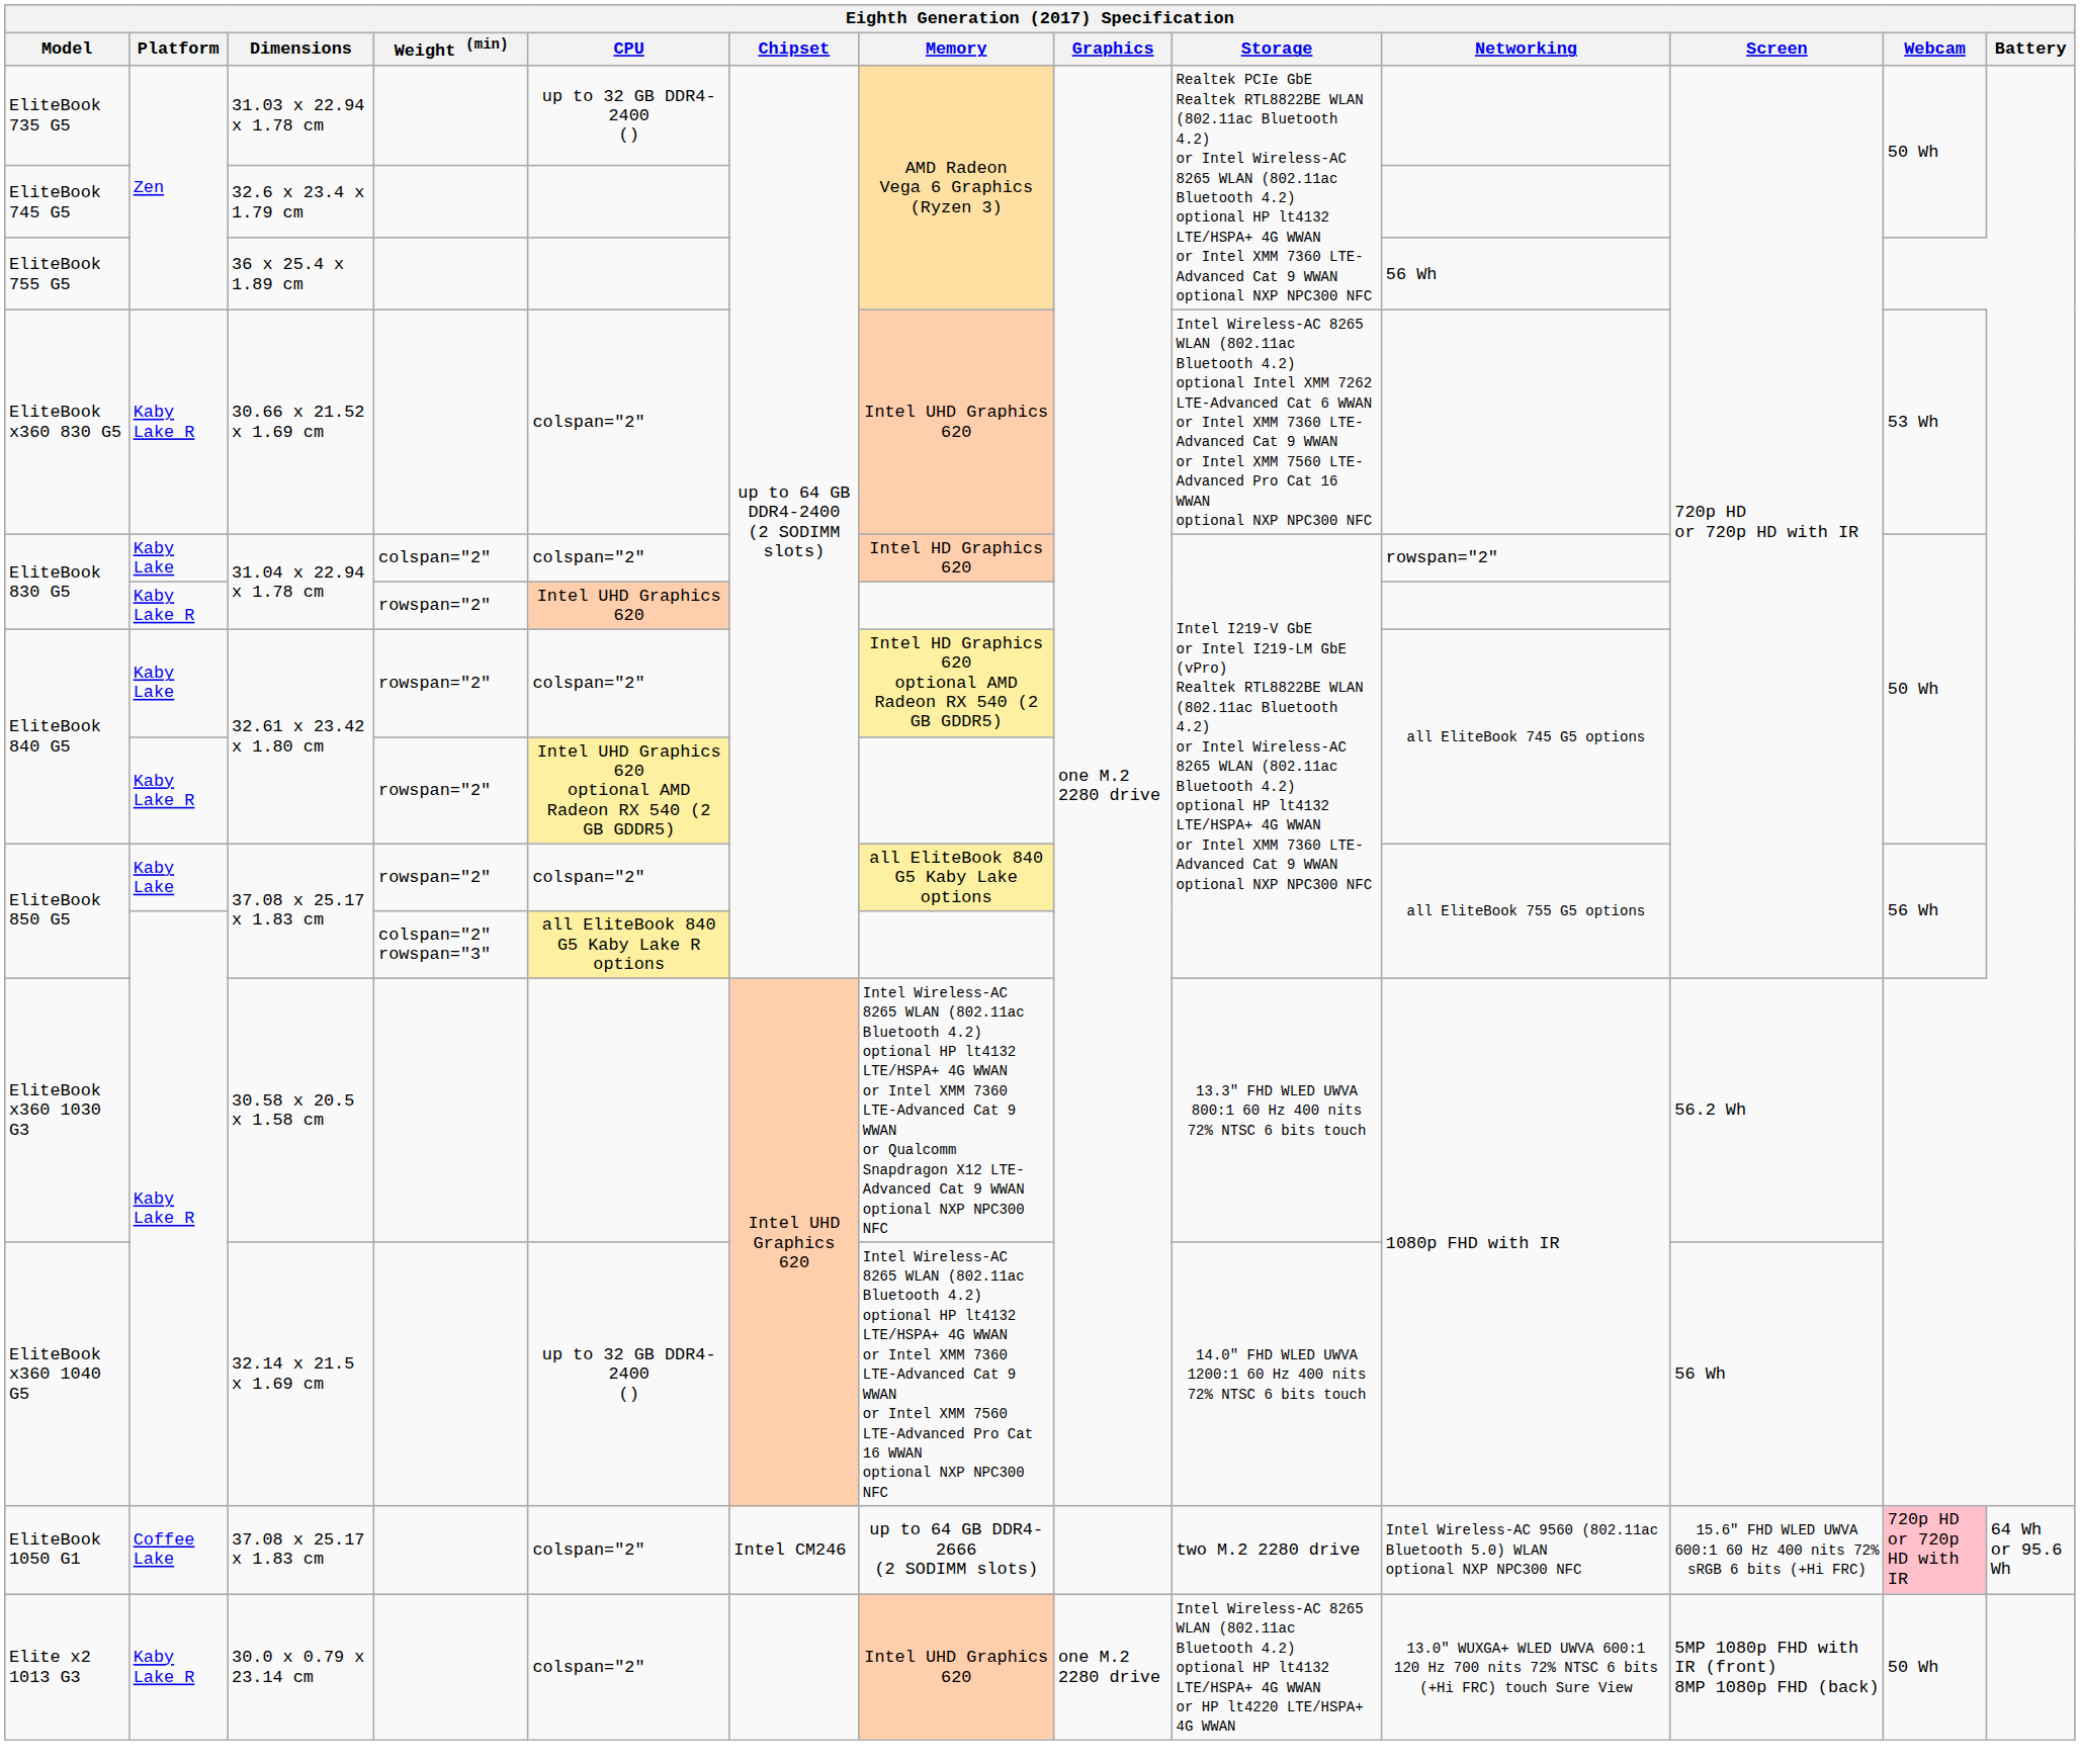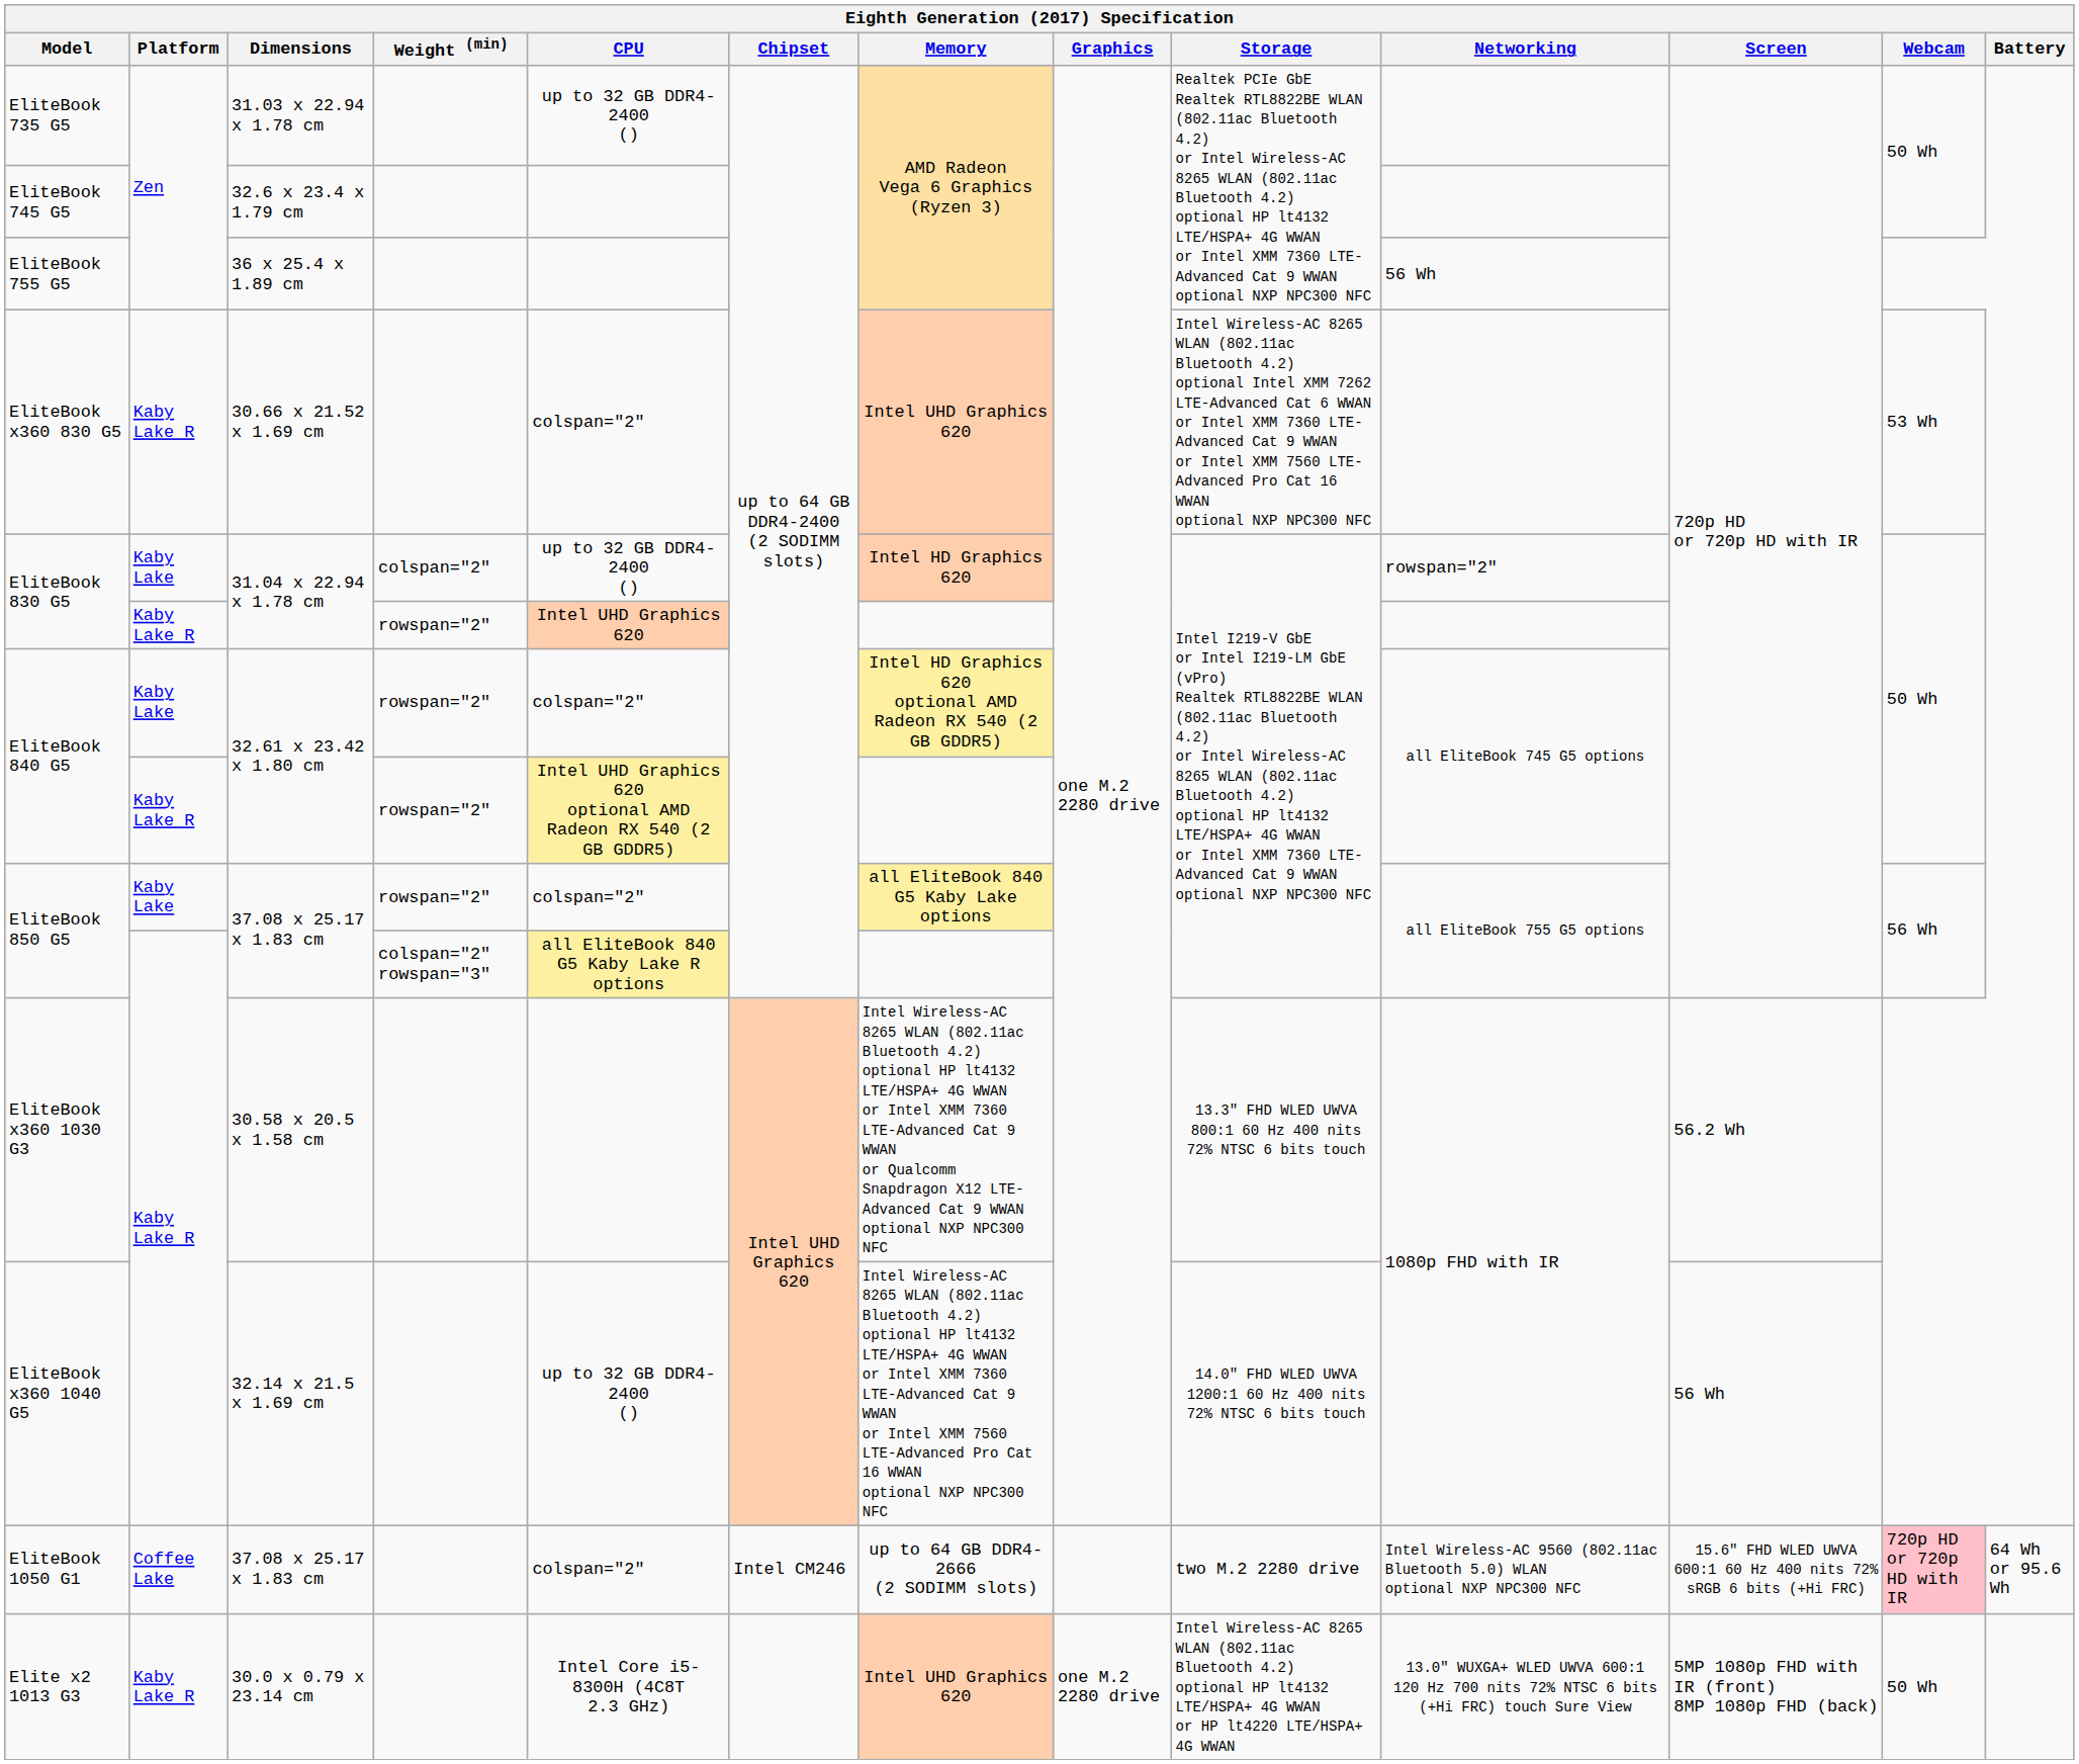 <table class="wikitable mw-collapsible mw-collapsed" style="font-size: 80%; width: 100%;">
 <tr>
 <th colspan="13">Eighth Generation (2017) Specification</th>
 </tr>
 <tr>
 <th width="6%">Model</th>
 <th>Platform</th>
 <th>Dimensions</th>
 <th>Weight <sup>(min)</sup></th>
 <th><a href='#'>CPU</a></th>
 <th><a href='#'>Chipset</a></th>
 <th><a href='#'>Memory</a></th>
 <th><a href='#'>Graphics</a></th>
 <th><a href='#'>Storage</a></th>
 <th><a href='#'>Networking</a></th>
 <th><a href='#'>Screen</a></th>
 <th><a href='#'>Webcam</a></th>
 <th>Battery</th>
 </tr>
 <tr>
 <td>EliteBook 735 G5 </td>
 <td rowspan="3"><a href='#'>Zen</a></td>
 <td>31.03 x 22.94 x 1.78 cm</td>
 <td></td>
 <td style="text-align:center;background:">up to 32 GB DDR4-2400<br>()</td>
 <td rowspan="10" style="text-align:center;background:">up to 64 GB DDR4-2400<br>(2 SODIMM slots)</td>
 <td rowspan="3" style="text-align:center;background:#fee0a3;">AMD Radeon<br>Vega 6 Graphics (Ryzen 3)<br></td>
 <td rowspan="12">one M.2 2280 drive</td>
 <td rowspan="3"><small>Realtek PCIe GbE<br>Realtek RTL8822BE WLAN (802.11ac Bluetooth 4.2)<br><span>or Intel Wireless-AC 8265 WLAN (802.11ac Bluetooth 4.2)</span><br>optional HP lt4132 LTE/HSPA+ 4G WWAN<br><span>or Intel XMM 7360 LTE-Advanced Cat 9 WWAN</span><br>optional NXP NPC300 NFC</small></td>
 <td></td>
 <td rowspan="10">720p HD<br><span>or 720p HD with IR</span></td>
 <td rowspan="2">50 Wh</td>
 </tr>
 <tr>
 <td>EliteBook 745 G5 </td>
 <td>32.6 x 23.4 x 1.79 cm</td>
 <td></td>
 <td></td>
 </tr>
 <tr>
 <td>EliteBook 755 G5 </td>
 <td>36 x 25.4 x 1.89 cm</td>
 <td></td>
 <td></td>
 <td>56 Wh</td>
 </tr>
 <tr>
 <td>EliteBook x360 830 G5 </td>
 <td><a href='#'>Kaby Lake R</a></td>
 <td>30.66 x 21.52 x 1.69 cm</td>
 <td></td>
 <td>colspan="2" </td>
 <td style="text-align:center;background:#ffcead;">Intel UHD Graphics 620</td>
 <td><small>Intel Wireless-AC 8265 WLAN (802.11ac Bluetooth 4.2)<br>optional Intel XMM 7262 LTE-Advanced Cat 6 WWAN<br><span>or Intel XMM 7360 LTE-Advanced Cat 9 WWAN<br>or Intel XMM 7560 LTE-Advanced Pro Cat 16 WWAN</span><br>optional NXP NPC300 NFC</small></td>
 <td></td>
 <td>53 Wh</td>
 </tr>
 <tr>
 <td rowspan="2">EliteBook 830 G5 </td>
 <td><a href='#'>Kaby Lake</a></td>
 <td rowspan="2">31.04 x 22.94 x 1.78 cm</td>
 <td>colspan="2" </td>
-<td>colspan="2" </td>
+<td style="text-align:center;background:">up to 32 GB DDR4-2400<br>()</td>
 <td style="text-align:center;background:#ffcead;">Intel HD Graphics 620</td>
 <td rowspan="6"><small>Intel I219-V GbE<br><span>or Intel I219-LM GbE (vPro)</span><br>Realtek RTL8822BE WLAN (802.11ac Bluetooth 4.2)<br><span>or Intel Wireless-AC 8265 WLAN (802.11ac Bluetooth 4.2)</span><br>optional HP lt4132 LTE/HSPA+ 4G WWAN<br><span>or Intel XMM 7360 LTE-Advanced Cat 9 WWAN</span><br>optional NXP NPC300 NFC</small></td>
 <td>rowspan="2" </td>
 <td rowspan="4">50 Wh</td>
 </tr>
 <tr>
 <td><a href='#'>Kaby Lake R</a></td>
 <td>rowspan="2" </td>
 <td style="text-align:center;background:#ffcead;">Intel UHD Graphics 620</td>
 </tr>
 <tr>
 <td rowspan="2">EliteBook 840 G5 </td>
 <td><a href='#'>Kaby Lake</a></td>
 <td rowspan="2">32.61 x 23.42 x 1.80 cm</td>
 <td>rowspan="2" </td>
 <td>colspan="2" </td>
 <td style="text-align:center;background:#fdf1a1;">Intel HD Graphics 620<br>optional AMD Radeon RX 540 (2 GB GDDR5)</td>
 <td rowspan="2" style="text-align:center;background:"><small>all EliteBook 745 G5 options<br></small></td>
 </tr>
 <tr>
 <td><a href='#'>Kaby Lake R</a></td>
 <td>rowspan="2" </td>
 <td style="text-align:center;background:#fdf1a1;">Intel UHD Graphics 620<br>optional AMD Radeon RX 540 (2 GB GDDR5)</td>
 </tr>
 <tr>
 <td rowspan="2">EliteBook 850 G5 </td>
 <td><a href='#'>Kaby Lake</a></td>
 <td rowspan="2">37.08 x 25.17 x 1.83 cm</td>
 <td>rowspan="2" </td>
 <td>colspan="2" </td>
 <td style="text-align:center;background:#fdf1a1;">all EliteBook 840 G5 Kaby Lake options</td>
 <td rowspan="2" style="text-align:center;background:"><small>all EliteBook 755 G5 options<br></small></td>
 <td rowspan="2">56 Wh</td>
 </tr>
 <tr>
 <td rowspan="3"><a href='#'>Kaby Lake R</a></td>
 <td>colspan="2" rowspan="3" </td>
 <td style="text-align:center;background:#fdf1a1;">all EliteBook 840 G5 Kaby Lake R options</td>
 </tr>
 <tr>
 <td>EliteBook x360 1030 G3 </td>
 <td>30.58 x 20.5 x 1.58 cm</td>
 <td></td>
 <td></td>
 <td rowspan="2" style="text-align:center;background:#ffcead;">Intel UHD Graphics 620</td>
 <td><small>Intel Wireless-AC 8265 WLAN (802.11ac Bluetooth 4.2)<br>optional HP lt4132 LTE/HSPA+ 4G WWAN<br><span>or Intel XMM 7360 LTE-Advanced Cat 9 WWAN<br>or Qualcomm Snapdragon X12 LTE-Advanced Cat 9 WWAN</span><br>optional NXP NPC300 NFC</small></td>
 <td style="text-align:center;background:"><small>13.3" FHD WLED UWVA 800:1 60 Hz 400 nits 72% NTSC 6 bits touch<br></small></td>
 <td rowspan="2">1080p FHD with IR</td>
 <td>56.2 Wh</td>
 </tr>
 <tr>
 <td>EliteBook x360 1040 G5 </td>
 <td>32.14 x 21.5 x 1.69 cm</td>
 <td></td>
 <td style="text-align:center;background:">up to 32 GB DDR4-2400<br>()</td>
 <td><small>Intel Wireless-AC 8265 WLAN (802.11ac Bluetooth 4.2)<br>optional HP lt4132 LTE/HSPA+ 4G WWAN<br><span>or Intel XMM 7360 LTE-Advanced Cat 9 WWAN<br>or Intel XMM 7560 LTE-Advanced Pro Cat 16 WWAN</span><br>optional NXP NPC300 NFC</small></td>
 <td style="text-align:center;background:"><small>14.0" FHD WLED UWVA 1200:1 60 Hz 400 nits 72% NTSC 6 bits touch<br></small></td>
 <td>56 Wh</td>
 </tr>
 <tr>
 <td>EliteBook 1050 G1 </td>
 <td><a href='#'>Coffee Lake</a></td>
 <td>37.08 x 25.17 x 1.83 cm</td>
 <td></td>
 <td>colspan="2" </td>
 <td>Intel CM246</td>
 <td style="text-align:center;background:">up to 64 GB DDR4-2666<br>(2 SODIMM slots)</td>
 <td></td>
 <td>two M.2 2280 drive</td>
 <td><small>Intel Wireless-AC 9560 (802.11ac Bluetooth 5.0) WLAN<br>optional NXP NPC300 NFC</small></td>
 <td style="text-align:center;background:"><small>15.6" FHD WLED UWVA 600:1 60 Hz 400 nits 72% sRGB 6 bits (+Hi FRC)<br></small></td>
 <td style="background: pink;">720p HD<br><span>or 720p HD with IR</span></td>
 <td>64 Wh<br><span>or 95.6 Wh</span></td>
 </tr>
 <tr>
 <td>Elite x2 1013 G3 </td>
 <td><a href='#'>Kaby Lake R</a></td>
 <td>30.0 x 0.79 x 23.14 cm</td>
 <td></td>
-<td>colspan="2" </td>
+<td style="text-align:center;background:">Intel Core i5-8300H (4C8T 2.3 GHz)<br></td>
 <td></td>
 <td style="text-align:center;background:#ffcead;">Intel UHD Graphics 620</td>
 <td>one M.2 2280 drive</td>
 <td><small>Intel Wireless-AC 8265 WLAN (802.11ac Bluetooth 4.2)<br>optional HP lt4132 LTE/HSPA+ 4G WWAN<br><span>or HP lt4220 LTE/HSPA+ 4G WWAN</span></small></td>
 <td style="text-align:center;background:"><small>13.0" WUXGA+ WLED UWVA 600:1 120 Hz 700 nits 72% NTSC 6 bits (+Hi FRC) touch Sure View<br></small></td>
 <td>5MP 1080p FHD with IR (front)<br>8MP 1080p FHD (back)</td>
 <td>50 Wh</td>
 </tr>
 </table>
